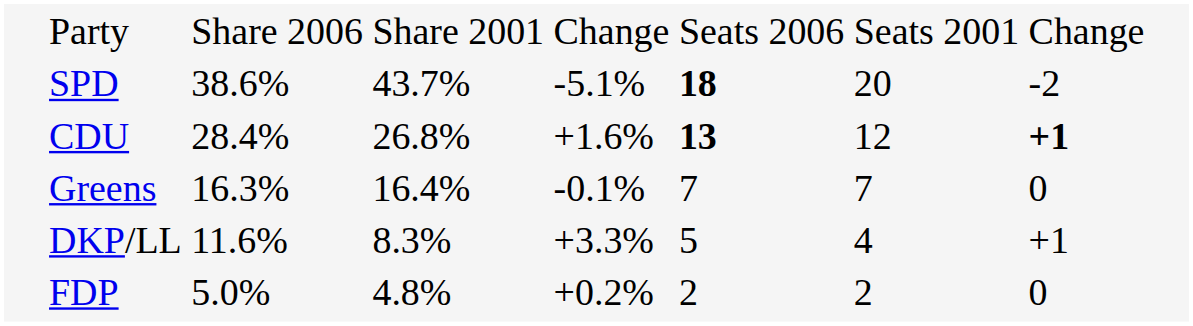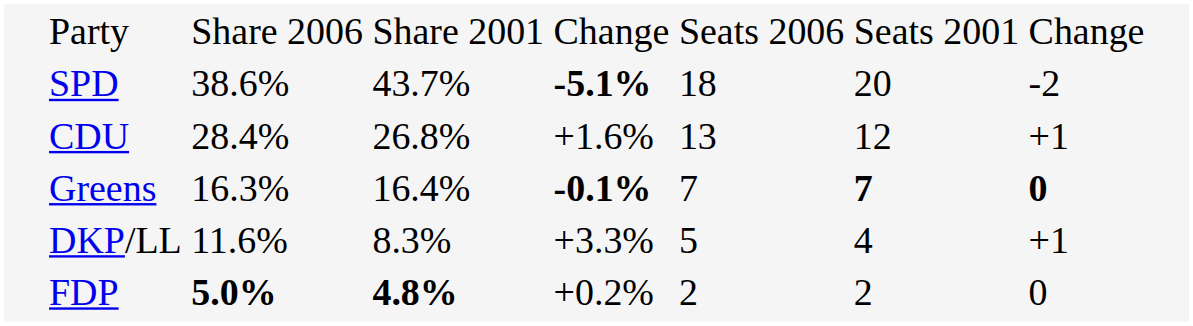 <table style="background: #F5F5F5; padding:0em 1em 0em 1em;">
 <tr ---->
 <td align="left">Party</td>
 <td>Share 2006</td>
 <td>Share 2001</td>
 <td>Change</td>
 <td>Seats 2006</td>
 <td>Seats 2001</td>
 <td>Change</td>
 </tr>
 <tr ---->
 <td align="left"><a href='#'>SPD</a></td>
 <td>38.6%</td>
 <td>43.7%</td>
-<td>-5.1%</td>
-<td><strong>18</strong></td>
+<td><strong>-5.1%</strong></td>
+<td>18</td>
 <td>20</td>
 <td>-2</td>
 </tr>
 <tr ---->
 <td align="left"><a href='#'>CDU</a></td>
 <td>28.4%</td>
 <td>26.8%</td>
 <td>+1.6%</td>
-<td><strong>13</strong></td>
+<td>13</td>
 <td>12</td>
-<td><strong>+1</strong></td>
+<td>+1</td>
 </tr>
 <tr ---->
 <td align="left"><a href='#'>Greens</a></td>
 <td>16.3%</td>
 <td>16.4%</td>
-<td>-0.1%</td>
+<td><strong>-0.1%</strong></td>
 <td>7</td>
-<td>7</td>
-<td>0</td>
+<td><strong>7</strong></td>
+<td><strong>0</strong></td>
 </tr>
 <tr ---->
 <td align="left"><a href='#'>DKP</a>/LL</td>
 <td>11.6%</td>
 <td>8.3%</td>
 <td>+3.3%</td>
 <td>5</td>
 <td>4</td>
 <td>+1</td>
 </tr>
 <tr ---->
 <td align="left"><a href='#'>FDP</a></td>
-<td>5.0%</td>
-<td>4.8%</td>
+<td><strong>5.0%</strong></td>
+<td><strong>4.8%</strong></td>
 <td>+0.2%</td>
 <td>2</td>
 <td>2</td>
 <td>0</td>
 </tr>
 </table>
